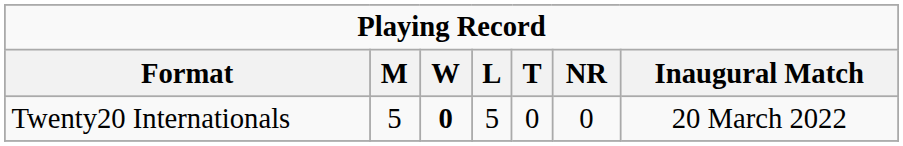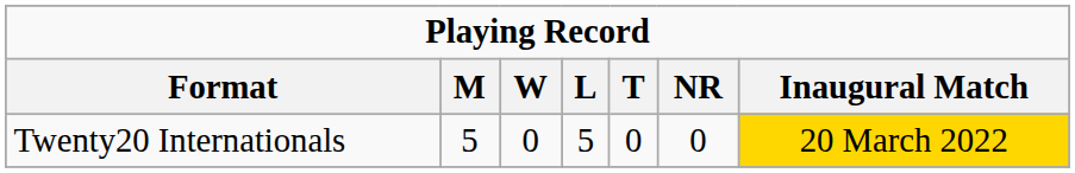 <table class="wikitable" style="text-align: center; width: 500px;">
 <tr>
 <td colspan=7 align="center"><strong>Playing Record</strong></td>
 </tr>
 <tr>
 <th>Format</th>
 <th>M</th>
 <th>W</th>
 <th>L</th>
 <th>T</th>
 <th>NR</th>
 <th>Inaugural Match</th>
 </tr>
 <tr>
 <td align="left">Twenty20 Internationals</td>
 <td>5</td>
-<td><strong>0</strong></td>
+<td>0</td>
 <td>5</td>
 <td>0</td>
 <td>0</td>
-<td>20 March 2022</td>
+<td style="background: gold;">20 March 2022</td>
 </tr>
 </table>
